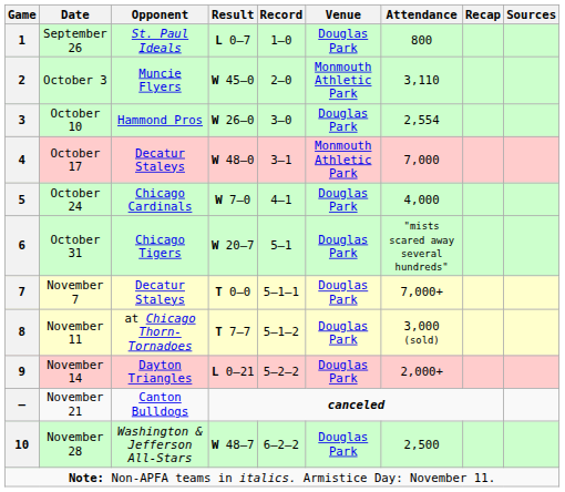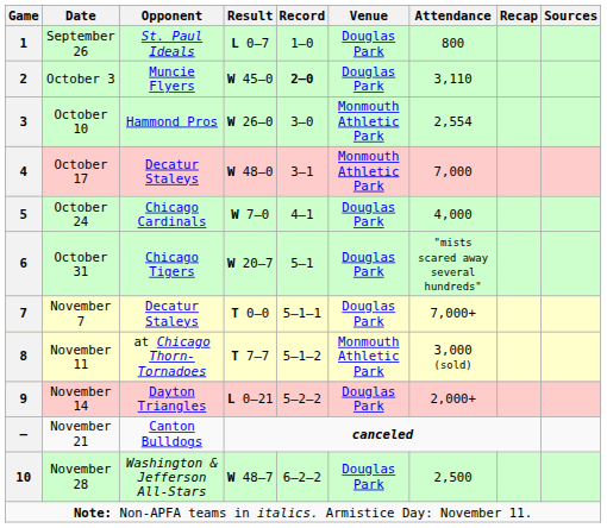 <table class="wikitable" style="text-align:center">
 <tr>
 <th>Game</th>
 <th>Date</th>
 <th>Opponent</th>
 <th>Result</th>
 <th>Record</th>
 <th>Venue</th>
 <th>Attendance</th>
 <th>Recap</th>
 <th>Sources</th>
 </tr>
 <tr style="background:#cfc">
 <th>1</th>
 <td>September 26</td>
 <td><em><a href='#'>St. Paul Ideals</a></em></td>
 <td><strong>L</strong> 0–7</td>
 <td>1–0</td>
 <td><a href='#'>Douglas Park</a></td>
 <td>800</td>
 <td></td>
 <td></td>
 </tr>
 <tr style="background:#cfc">
 <th>2</th>
 <td>October 3</td>
 <td><a href='#'>Muncie Flyers</a></td>
 <td><strong>W</strong> 45–0</td>
-<td>2–0</td>
-<td><a href='#'>Monmouth Athletic Park</a></td>
+<td><strong>2–0</strong></td>
+<td><a href='#'>Douglas Park</a></td>
 <td>3,110</td>
 <td></td>
 <td></td>
 </tr>
 <tr style="background:#cfc">
 <th>3</th>
 <td>October 10</td>
 <td><a href='#'>Hammond Pros</a></td>
 <td><strong>W</strong> 26–0</td>
 <td>3–0</td>
-<td><a href='#'>Douglas Park</a></td>
+<td><a href='#'>Monmouth Athletic Park</a></td>
 <td>2,554</td>
 <td></td>
 <td></td>
 </tr>
 <tr style="background:#fcc">
 <th>4</th>
 <td>October 17</td>
 <td><a href='#'>Decatur Staleys</a></td>
 <td><strong>W</strong> 48–0</td>
 <td>3–1</td>
 <td><a href='#'>Monmouth Athletic Park</a></td>
 <td>7,000</td>
 <td></td>
 <td></td>
 </tr>
 <tr style="background:#cfc">
 <th>5</th>
 <td>October 24</td>
 <td><a href='#'>Chicago Cardinals</a></td>
 <td><strong>W</strong> 7–0</td>
 <td>4–1</td>
 <td><a href='#'>Douglas Park</a></td>
 <td>4,000</td>
 <td></td>
 <td></td>
 </tr>
 <tr style="background:#cfc">
 <th>6</th>
 <td>October 31</td>
 <td><a href='#'>Chicago Tigers</a></td>
 <td><strong>W</strong> 20–7</td>
 <td>5–1</td>
 <td><a href='#'>Douglas Park</a></td>
 <td><small>"mists scared away<br>several hundreds"</small></td>
 <td></td>
 <td></td>
 </tr>
 <tr style="background:#ffc">
 <th>7</th>
 <td>November 7</td>
 <td><a href='#'>Decatur Staleys</a></td>
 <td><strong>T</strong> 0–0</td>
 <td>5–1–1</td>
 <td><a href='#'>Douglas Park</a></td>
 <td>7,000+</td>
 <td></td>
 <td></td>
 </tr>
 <tr style="background:#ffc">
 <th>8</th>
 <td>November 11</td>
 <td>at <em><a href='#'>Chicago Thorn-Tornadoes</a></em></td>
 <td><strong>T</strong> 7–7</td>
 <td>5–1–2</td>
-<td><a href='#'>Douglas Park</a></td>
+<td><a href='#'>Monmouth Athletic Park</a></td>
 <td>3,000 <small>(sold)</small></td>
 <td></td>
 <td></td>
 </tr>
 <tr style="background:#fcc">
 <th>9</th>
 <td>November 14</td>
 <td><a href='#'>Dayton Triangles</a></td>
 <td><strong>L</strong> 0–21</td>
 <td>5–2–2</td>
 <td><a href='#'>Douglas Park</a></td>
 <td>2,000+</td>
 <td></td>
 <td></td>
 </tr>
 <tr>
 <th>—</th>
 <td>November 21</td>
 <td><a href='#'>Canton Bulldogs</a></td>
 <td colspan="5"><strong><em>canceled</em></strong></td>
 <td></td>
 </tr>
 <tr style="background:#cfc">
 <th>10</th>
 <td>November 28</td>
 <td><em>Washington & Jefferson All-Stars</em></td>
 <td><strong>W</strong> 48–7</td>
 <td>6–2–2</td>
 <td><a href='#'>Douglas Park</a></td>
 <td>2,500</td>
 <td></td>
 <td></td>
 </tr>
 <tr>
 <td colspan="10"><strong>Note:</strong> Non-APFA teams in <em>italics.</em> Armistice Day: November 11.</td>
 </tr>
 </table>
